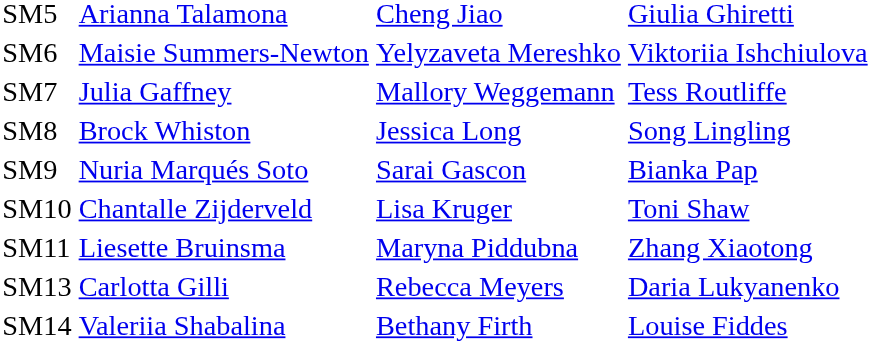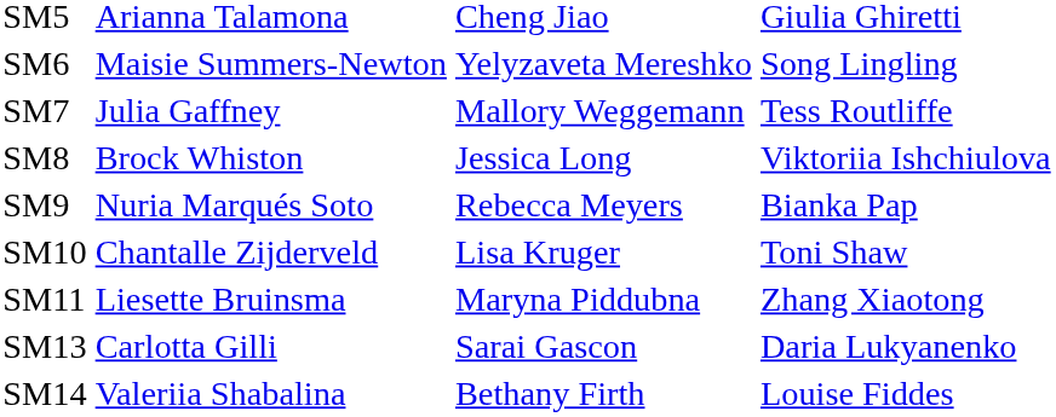 <table>
 <tr>
 <td>SM5</td>
 <td><a href='#'>Arianna Talamona</a><br></td>
 <td><a href='#'>Cheng Jiao</a><br></td>
 <td><a href='#'>Giulia Ghiretti</a><br></td>
 </tr>
 <tr>
 <td>SM6</td>
 <td><a href='#'>Maisie Summers-Newton</a><br></td>
 <td><a href='#'>Yelyzaveta Mereshko</a><br></td>
-<td><a href='#'>Viktoriia Ishchiulova</a><br></td>
+<td><a href='#'>Song Lingling</a><br></td>
 </tr>
 <tr>
 <td>SM7</td>
 <td><a href='#'>Julia Gaffney</a><br></td>
 <td><a href='#'>Mallory Weggemann</a><br></td>
 <td><a href='#'>Tess Routliffe</a><br></td>
 </tr>
 <tr>
 <td>SM8</td>
 <td><a href='#'>Brock Whiston</a><br></td>
 <td><a href='#'>Jessica Long</a><br></td>
-<td><a href='#'>Song Lingling</a><br></td>
+<td><a href='#'>Viktoriia Ishchiulova</a><br></td>
 </tr>
 <tr>
 <td>SM9</td>
 <td><a href='#'>Nuria Marqués Soto</a><br></td>
-<td><a href='#'>Sarai Gascon</a><br></td>
+<td><a href='#'>Rebecca Meyers</a><br></td>
 <td><a href='#'>Bianka Pap</a><br></td>
 </tr>
 <tr>
 <td>SM10</td>
 <td><a href='#'>Chantalle Zijderveld</a><br></td>
 <td><a href='#'>Lisa Kruger</a><br></td>
 <td><a href='#'>Toni Shaw</a><br></td>
 </tr>
 <tr>
 <td>SM11</td>
 <td><a href='#'>Liesette Bruinsma</a><br></td>
 <td><a href='#'>Maryna Piddubna</a><br></td>
 <td><a href='#'>Zhang Xiaotong</a><br></td>
 </tr>
 <tr>
 <td>SM13</td>
 <td><a href='#'>Carlotta Gilli</a><br></td>
-<td><a href='#'>Rebecca Meyers</a><br></td>
+<td><a href='#'>Sarai Gascon</a><br></td>
 <td><a href='#'>Daria Lukyanenko</a><br></td>
 </tr>
 <tr>
 <td>SM14</td>
 <td><a href='#'>Valeriia Shabalina</a><br></td>
 <td><a href='#'>Bethany Firth</a><br></td>
 <td><a href='#'>Louise Fiddes</a><br></td>
 </tr>
 </table>
